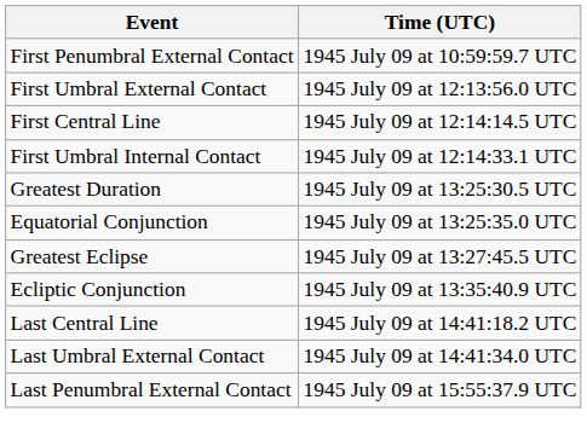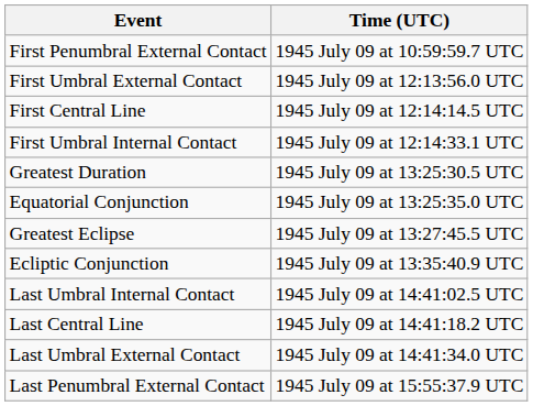 <table class="wikitable">
 <tr>
 <th>Event</th>
 <th>Time (UTC)</th>
 </tr>
 <tr>
 <td>First Penumbral External Contact</td>
 <td>1945 July 09 at 10:59:59.7 UTC</td>
 </tr>
 <tr>
 <td>First Umbral External Contact</td>
 <td>1945 July 09 at 12:13:56.0 UTC</td>
 </tr>
 <tr>
 <td>First Central Line</td>
 <td>1945 July 09 at 12:14:14.5 UTC</td>
 </tr>
 <tr>
 <td>First Umbral Internal Contact</td>
 <td>1945 July 09 at 12:14:33.1 UTC</td>
 </tr>
 <tr>
 <td>Greatest Duration</td>
 <td>1945 July 09 at 13:25:30.5 UTC</td>
 </tr>
 <tr>
 <td>Equatorial Conjunction</td>
 <td>1945 July 09 at 13:25:35.0 UTC</td>
 </tr>
 <tr>
 <td>Greatest Eclipse</td>
 <td>1945 July 09 at 13:27:45.5 UTC</td>
 </tr>
 <tr>
 <td>Ecliptic Conjunction</td>
 <td>1945 July 09 at 13:35:40.9 UTC</td>
 </tr>
 <tr>
+<td>Last Umbral Internal Contact</td>
+<td>1945 July 09 at 14:41:02.5 UTC</td>
+</tr>
+<tr>
 <td>Last Central Line</td>
 <td>1945 July 09 at 14:41:18.2 UTC</td>
 </tr>
 <tr>
 <td>Last Umbral External Contact</td>
 <td>1945 July 09 at 14:41:34.0 UTC</td>
 </tr>
 <tr>
 <td>Last Penumbral External Contact</td>
 <td>1945 July 09 at 15:55:37.9 UTC</td>
 </tr>
 </table>
